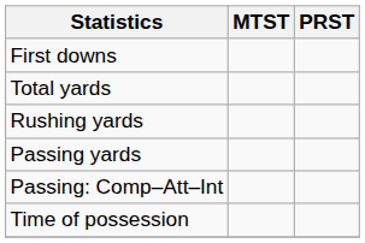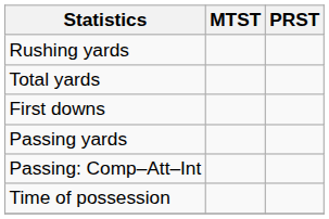 <table class="wikitable" style="float: left;">
 <tr>
 <th>Statistics</th>
 <th>MTST</th>
 <th>PRST</th>
 </tr>
 <tr>
-<td>First downs</td>
+<td>Rushing yards</td>
 <td></td>
 <td></td>
 </tr>
 <tr>
 <td>Total yards</td>
 <td></td>
 <td></td>
 </tr>
 <tr>
-<td>Rushing yards</td>
+<td>First downs</td>
 <td></td>
 <td></td>
 </tr>
 <tr>
 <td>Passing yards</td>
 <td></td>
 <td></td>
 </tr>
 <tr>
 <td>Passing: Comp–Att–Int</td>
 <td></td>
 <td></td>
 </tr>
 <tr>
 <td>Time of possession</td>
 <td></td>
 <td></td>
 </tr>
 <tr>
 </tr>
 </table>
